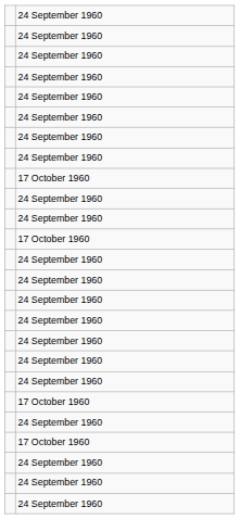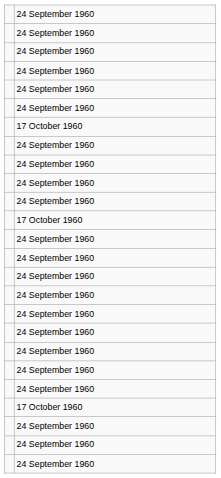 <table class="wikitable" style="font-size: 89%; float: left; width: 24em; margin-right: 1em; line-height: 1.65em">
+<tr>
+<td></td>
+<td>24 September 1960</td>
+</tr>
+<tr>
+<td></td>
+<td>24 September 1960</td>
+</tr>
+<tr>
+<td></td>
+<td>24 September 1960</td>
+</tr>
+<tr>
+<td></td>
+<td>24 September 1960</td>
+</tr>
+<tr>
+<td></td>
+<td>24 September 1960</td>
+</tr>
+<tr>
+<td></td>
+<td>24 September 1960</td>
+</tr>
+<tr>
+<td></td>
+<td>17 October 1960</td>
+</tr>
+<tr>
+<td></td>
+<td>24 September 1960</td>
+</tr>
+<tr>
+<td></td>
+<td>24 September 1960</td>
+</tr>
+<tr>
+<td></td>
+<td>24 September 1960</td>
+</tr>
+<tr>
+<td></td>
+<td>24 September 1960</td>
+</tr>
+<tr>
+<td></td>
+<td>17 October 1960</td>
+</tr>
+<tr>
+<td></td>
+<td>24 September 1960</td>
+</tr>
 <tr>
 <td></td>
 <td>24 September 1960</td>
 </tr>
 <tr>
 <td></td>
 <td>24 September 1960</td>
 </tr>
 <tr>
 <td></td>
 <td>24 September 1960</td>
 </tr>
 <tr>
 <td></td>
 <td>24 September 1960</td>
 </tr>
 <tr>
 <td></td>
 <td>24 September 1960</td>
 </tr>
 <tr>
 <td></td>
 <td>24 September 1960</td>
 </tr>
 <tr>
 <td></td>
 <td>24 September 1960</td>
 </tr>
 <tr>
 <td></td>
 <td>24 September 1960</td>
 </tr>
 <tr>
 <td></td>
 <td>17 October 1960</td>
 </tr>
 <tr>
 <td></td>
 <td>24 September 1960</td>
 </tr>
 <tr>
 <td></td>
 <td>24 September 1960</td>
 </tr>
 <tr>
 <td></td>
-<td>17 October 1960</td>
-</tr>
-<tr>
-<td></td>
-<td>24 September 1960</td>
-</tr>
-<tr>
-<td></td>
-<td>24 September 1960</td>
-</tr>
-<tr>
-<td></td>
-<td>24 September 1960</td>
-</tr>
-<tr>
-<td></td>
-<td>24 September 1960</td>
-</tr>
-<tr>
-<td></td>
-<td>24 September 1960</td>
-</tr>
-<tr>
-<td></td>
-<td>24 September 1960</td>
-</tr>
-<tr>
-<td></td>
-<td>24 September 1960</td>
-</tr>
-<tr>
-<td></td>
-<td>17 October 1960</td>
-</tr>
-<tr>
-<td></td>
-<td>24 September 1960</td>
-</tr>
-<tr>
-<td></td>
-<td>17 October 1960</td>
-</tr>
-<tr>
-<td></td>
-<td>24 September 1960</td>
-</tr>
-<tr>
-<td></td>
-<td>24 September 1960</td>
-</tr>
-<tr>
-<td></td>
 <td>24 September 1960</td>
 </tr>
 </table>
